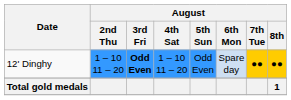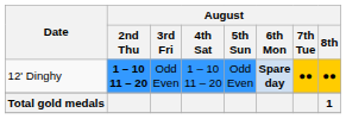 <table class="wikitable" style="margin:0.5em auto; font-size:90%; line-height:1.25em;">
 <tr>
 <th rowspan = 2>Date</th>
 <th colspan = 9>August</th>
 </tr>
 <tr>
 <th>2nd<br>Thu</th>
 <th>3rd<br>Fri</th>
 <th>4th<br>Sat</th>
 <th>5th<br>Sun</th>
 <th>6th<br>Mon</th>
 <th>7th<br>Tue</th>
 <th>8th</th>
 </tr>
 <tr align="center">
 <td align="left">12' Dinghy</td>
-<td bgcolor=#3399ff><span>1 – 10<br>11 – 20</span></td>
-<td bgcolor=#3399ff><strong><span>Odd<br>Even</span></strong></td>
+<td bgcolor=#3399ff><strong><span>1 – 10<br>11 – 20</span></strong></td>
+<td bgcolor=#3399ff><span>Odd<br>Even</span></td>
 <td bgcolor=#3399ff><span>1 – 10<br>11 – 20</span></td>
 <td bgcolor=#3399ff><span>Odd<br>Even</span></td>
-<td bgcolor=#cedff2>Spare<br>day</td>
+<td bgcolor=#cedff2><strong>Spare<br>day</strong></td>
 <td bgcolor=#ffcc00><span>●●</span></td>
 <td bgcolor=#ffcc00><span>●●</span></td>
 </tr>
 <tr align="center">
 </tr>
 <tr>
 <th>Total gold medals</th>
 <th></th>
 <th></th>
 <th></th>
 <th></th>
 <th></th>
 <th></th>
 <th>1</th>
 </tr>
 <tr>
 </tr>
 </table>
